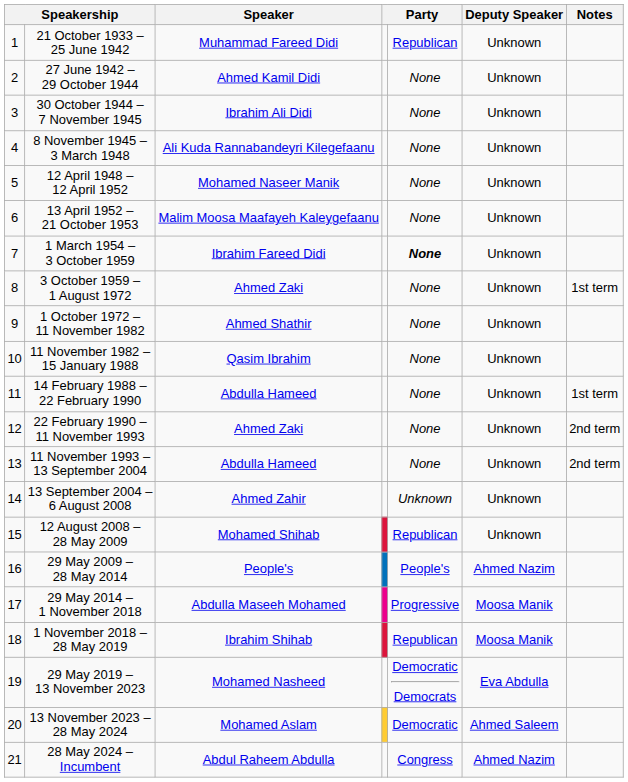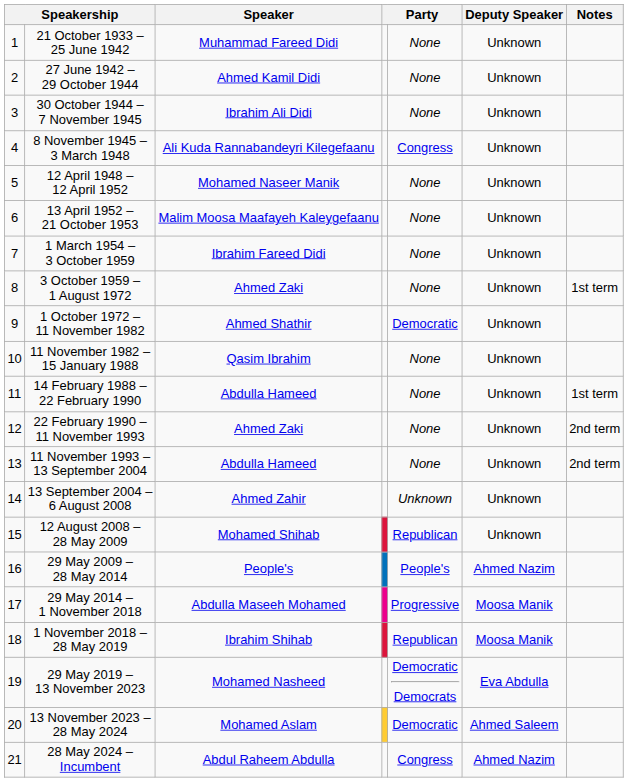 <table class="wikitable" style="text-align:center;">
 <tr>
 <th colspan=2>Speakership</th>
 <th>Speaker</th>
 <th colspan=2>Party</th>
 <th>Deputy Speaker</th>
 <th>Notes</th>
 </tr>
 <tr>
 <td>1</td>
 <td>21 October 1933 –<br>25 June 1942</td>
 <td><a href='#'>Muhammad Fareed Didi</a></td>
 <td></td>
-<td><a href='#'>Republican</a></td>
+<td><em>None</em></td>
 <td>Unknown</td>
 <td></td>
 </tr>
 <tr>
 <td>2</td>
 <td>27 June 1942 –<br>29 October 1944</td>
 <td><a href='#'>Ahmed Kamil Didi</a></td>
 <td></td>
 <td><em>None</em></td>
 <td>Unknown</td>
 <td></td>
 </tr>
 <tr>
 <td>3</td>
 <td>30 October 1944 –<br>7 November 1945</td>
 <td><a href='#'>Ibrahim Ali Didi</a></td>
 <td></td>
 <td><em>None</em></td>
 <td>Unknown</td>
 <td></td>
 </tr>
 <tr>
 <td>4</td>
 <td>8 November 1945 –<br>3 March 1948</td>
 <td><a href='#'>Ali Kuda Rannabandeyri Kilegefaanu</a></td>
 <td></td>
-<td><em>None</em></td>
+<td><a href='#'>Congress</a></td>
 <td>Unknown</td>
 <td></td>
 </tr>
 <tr>
 <td>5</td>
 <td>12 April 1948 –<br>12 April 1952</td>
 <td><a href='#'>Mohamed Naseer Manik</a></td>
 <td></td>
 <td><em>None</em></td>
 <td>Unknown</td>
 <td></td>
 </tr>
 <tr>
 <td>6</td>
 <td>13 April 1952 –<br>21 October 1953</td>
 <td><a href='#'>Malim Moosa Maafayeh Kaleygefaanu</a></td>
 <td></td>
 <td><em>None</em></td>
 <td>Unknown</td>
 <td></td>
 </tr>
 <tr>
 <td>7</td>
 <td>1 March 1954 –<br>3 October 1959</td>
 <td><a href='#'>Ibrahim Fareed Didi</a></td>
 <td></td>
-<td><strong><em>None</em></strong></td>
+<td><em>None</em></td>
 <td>Unknown</td>
 <td></td>
 </tr>
 <tr>
 <td>8</td>
 <td>3 October 1959 –<br>1 August 1972</td>
 <td><a href='#'>Ahmed Zaki</a></td>
 <td></td>
 <td><em>None</em></td>
 <td>Unknown</td>
 <td>1st term </td>
 </tr>
 <tr>
 <td>9</td>
 <td>1 October 1972 –<br>11 November 1982</td>
 <td><a href='#'>Ahmed Shathir</a></td>
 <td></td>
-<td><em>None</em></td>
+<td><a href='#'>Democratic</a></td>
 <td>Unknown</td>
 <td></td>
 </tr>
 <tr>
 <td>10</td>
 <td>11 November 1982 –<br>15 January 1988</td>
 <td><a href='#'>Qasim Ibrahim</a></td>
 <td></td>
 <td><em>None</em></td>
 <td>Unknown</td>
 <td></td>
 </tr>
 <tr>
 <td>11</td>
 <td>14 February 1988 –<br>22 February 1990</td>
 <td><a href='#'>Abdulla Hameed</a></td>
 <td></td>
 <td><em>None</em></td>
 <td>Unknown</td>
 <td>1st term </td>
 </tr>
 <tr>
 <td>12</td>
 <td>22 February 1990 –<br>11 November 1993</td>
 <td><a href='#'>Ahmed Zaki</a></td>
 <td></td>
 <td><em>None</em></td>
 <td>Unknown</td>
 <td>2nd term </td>
 </tr>
 <tr>
 <td>13</td>
 <td>11 November 1993 –<br>13 September 2004</td>
 <td><a href='#'>Abdulla Hameed</a></td>
 <td></td>
 <td><em>None</em></td>
 <td>Unknown</td>
 <td>2nd term </td>
 </tr>
 <tr>
 <td>14</td>
 <td>13 September 2004 –<br>6 August 2008</td>
 <td><a href='#'>Ahmed Zahir</a></td>
 <td></td>
 <td><em>Unknown</em></td>
 <td>Unknown</td>
 <td></td>
 </tr>
 <tr>
 <td>15</td>
 <td>12 August 2008 –<br>28 May 2009</td>
 <td><a href='#'>Mohamed Shihab</a></td>
 <td style="background: #DC143C;"></td>
 <td><a href='#'>Republican</a></td>
 <td>Unknown</td>
 <td></td>
 </tr>
 <tr>
 <td>16</td>
 <td>29 May 2009 –<br>28 May 2014</td>
 <td><a href='#'>People's</a></td>
 <td style="background: #0171BB;"></td>
 <td><a href='#'>People's</a></td>
 <td><a href='#'>Ahmed Nazim</a></td>
 <td></td>
 </tr>
 <tr>
 <td>17</td>
 <td>29 May 2014 –<br>1 November 2018</td>
 <td><a href='#'>Abdulla Maseeh Mohamed</a></td>
 <td style="background: #EC008C;"></td>
 <td><a href='#'>Progressive</a></td>
 <td><a href='#'>Moosa Manik</a></td>
 <td></td>
 </tr>
 <tr>
 <td>18</td>
 <td>1 November 2018 –<br>28 May 2019</td>
 <td><a href='#'>Ibrahim Shihab</a></td>
 <td style="background: #DC143C;"></td>
 <td><a href='#'>Republican</a></td>
 <td><a href='#'>Moosa Manik</a></td>
 <td></td>
 </tr>
 <tr>
 <td>19</td>
 <td>29 May 2019 –<br>13 November 2023</td>
 <td><a href='#'>Mohamed Nasheed</a></td>
 <td style="background: linear-gradient("></td>
 <td><a href='#'>Democratic</a><hr><a href='#'>Democrats</a></td>
 <td><a href='#'>Eva Abdulla</a></td>
 <td></td>
 </tr>
 <tr>
 <td>20</td>
 <td>13 November 2023 –<br>28 May 2024</td>
 <td><a href='#'>Mohamed Aslam</a></td>
 <td style="background: #ffcc33;"></td>
 <td><a href='#'>Democratic</a></td>
 <td><a href='#'> Ahmed Saleem</a></td>
 <td></td>
 </tr>
 <tr>
 <td>21</td>
 <td>28 May 2024 –<br><a href='#'>Incumbent</a></td>
 <td><a href='#'>Abdul Raheem Abdulla</a></td>
 <td style="background:"></td>
 <td><a href='#'>Congress</a></td>
 <td><a href='#'>Ahmed Nazim</a></td>
 <td><br></td>
 </tr>
 </table>
